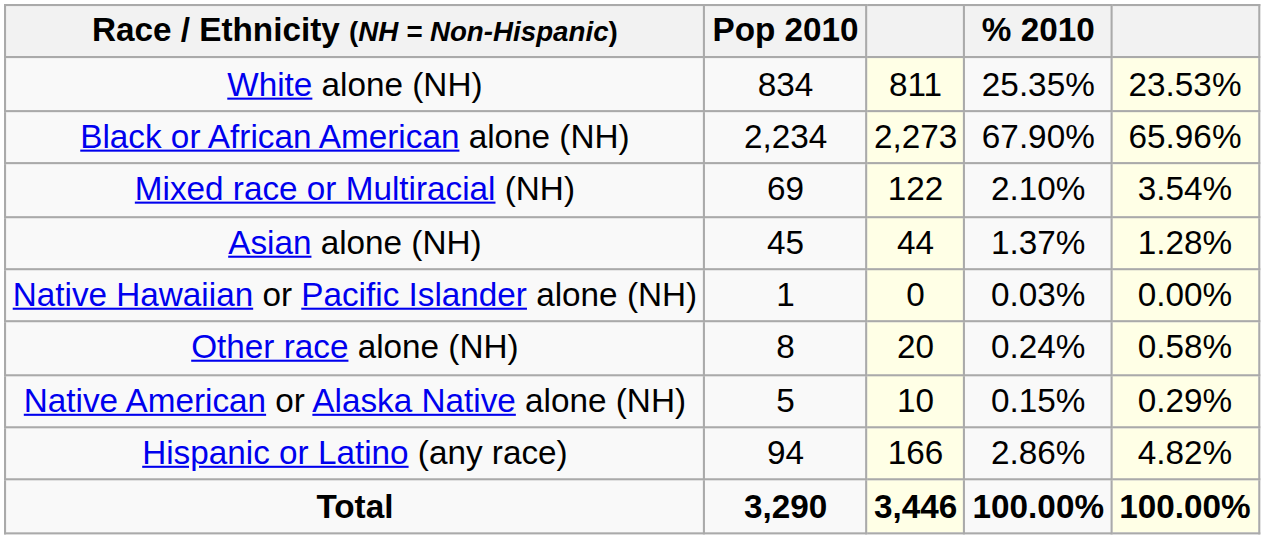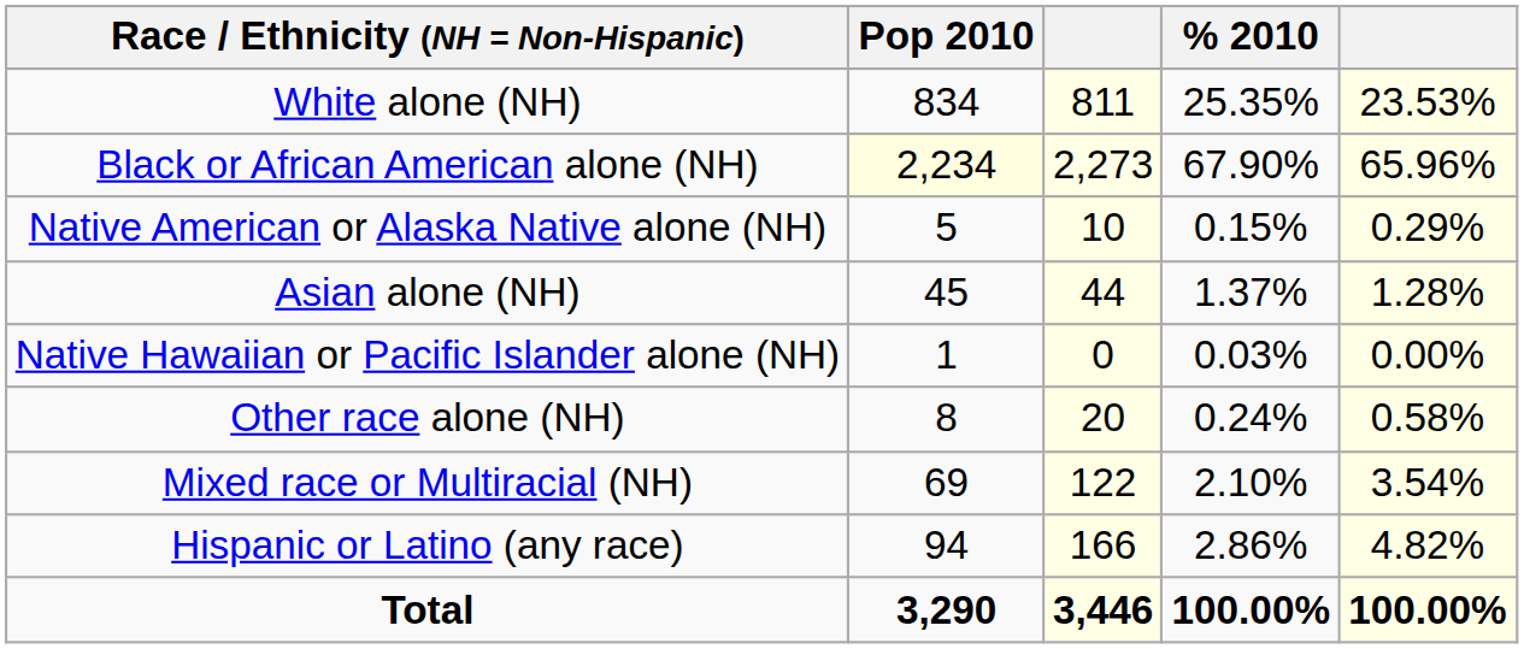 <table class="wikitable" style="text-align:center;">
 <tr>
 <th>Race / Ethnicity <small>(<em>NH = Non-Hispanic</em>)</small></th>
 <th>Pop 2010</th>
 <th></th>
 <th>% 2010</th>
 <th></th>
 </tr>
 <tr>
 <td><a href='#'>White</a> alone (NH)</td>
 <td>834</td>
 <td style='background: #ffffe6;'>811</td>
 <td>25.35%</td>
 <td style='background: #ffffe6;'>23.53%</td>
 </tr>
 <tr>
 <td><a href='#'>Black or African American</a> alone (NH)</td>
-<td>2,234</td>
+<td style="background: lightyellow;">2,234</td>
 <td style='background: #ffffe6;'>2,273</td>
 <td>67.90%</td>
 <td style='background: #ffffe6;'>65.96%</td>
 </tr>
 <tr>
-<td><a href='#'>Mixed race or Multiracial</a> (NH)</td>
-<td>69</td>
-<td style='background: #ffffe6;'>122</td>
-<td>2.10%</td>
-<td style='background: #ffffe6;'>3.54%</td>
+<td><a href='#'>Native American</a> or <a href='#'>Alaska Native</a> alone (NH)</td>
+<td>5</td>
+<td style='background: #ffffe6;'>10</td>
+<td>0.15%</td>
+<td style='background: #ffffe6;'>0.29%</td>
 </tr>
 <tr>
 <td><a href='#'>Asian</a> alone (NH)</td>
 <td>45</td>
 <td style='background: #ffffe6;'>44</td>
 <td>1.37%</td>
 <td style='background: #ffffe6;'>1.28%</td>
 </tr>
 <tr>
 <td><a href='#'>Native Hawaiian</a> or <a href='#'>Pacific Islander</a> alone (NH)</td>
 <td>1</td>
 <td style='background: #ffffe6;'>0</td>
 <td>0.03%</td>
 <td style='background: #ffffe6;'>0.00%</td>
 </tr>
 <tr>
 <td><a href='#'>Other race</a> alone (NH)</td>
 <td>8</td>
 <td style='background: #ffffe6;'>20</td>
 <td>0.24%</td>
 <td style='background: #ffffe6;'>0.58%</td>
 </tr>
 <tr>
-<td><a href='#'>Native American</a> or <a href='#'>Alaska Native</a> alone (NH)</td>
-<td>5</td>
-<td style='background: #ffffe6;'>10</td>
-<td>0.15%</td>
-<td style='background: #ffffe6;'>0.29%</td>
+<td><a href='#'>Mixed race or Multiracial</a> (NH)</td>
+<td>69</td>
+<td style='background: #ffffe6;'>122</td>
+<td>2.10%</td>
+<td style='background: #ffffe6;'>3.54%</td>
 </tr>
 <tr>
 <td><a href='#'>Hispanic or Latino</a> (any race)</td>
 <td>94</td>
 <td style='background: #ffffe6;'>166</td>
 <td>2.86%</td>
 <td style='background: #ffffe6;'>4.82%</td>
 </tr>
 <tr>
 <td><strong>Total</strong></td>
 <td><strong>3,290</strong></td>
 <td style='background: #ffffe6;'><strong>3,446</strong></td>
 <td><strong>100.00%</strong></td>
 <td style='background: #ffffe6;'><strong>100.00%</strong></td>
 </tr>
 </table>
